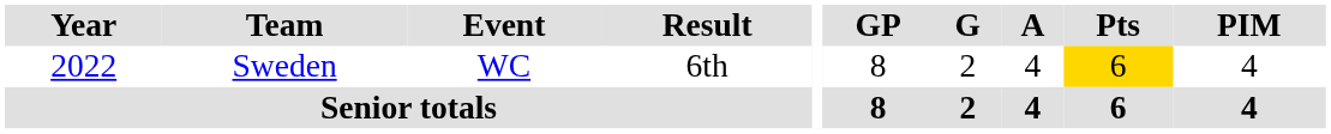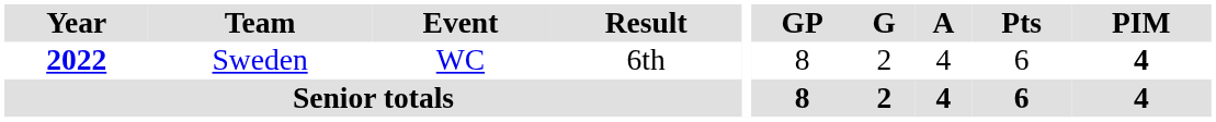 <table border="0" cellpadding="1" cellspacing="0" ID="Table3" style="text-align:center; width:40em">
 <tr ALIGN="center" bgcolor="#e0e0e0">
 <th>Year</th>
 <th>Team</th>
 <th>Event</th>
 <th>Result</th>
 <th rowspan="99" bgcolor="#ffffff"></th>
 <th>GP</th>
 <th>G</th>
 <th>A</th>
 <th>Pts</th>
 <th>PIM</th>
 </tr>
 <tr>
-<td><a href='#'>2022</a></td>
+<td><strong><a href='#'>2022</a></strong></td>
 <td><a href='#'>Sweden</a></td>
 <td><a href='#'>WC</a></td>
 <td>6th</td>
 <td>8</td>
 <td>2</td>
 <td>4</td>
-<td style="background: gold;">6</td>
-<td>4</td>
+<td>6</td>
+<td><strong>4</strong></td>
 </tr>
 <tr bgcolor="#e0e0e0">
 <th colspan="4">Senior totals</th>
 <th>8</th>
 <th>2</th>
 <th>4</th>
 <th>6</th>
 <th>4</th>
 </tr>
 </table>
